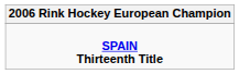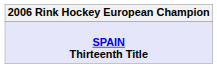 <table class="wikitable" style="text-align: center; margin: 0 auto;">
 <tr>
 <th>2006 Rink Hockey European Champion</th>
 </tr>
 <tr>
 </tr>
 <tr>
-<td><br><strong><a href='#'>SPAIN</a></strong><br><strong>Thirteenth Title</strong></td>
+<td style="background: lavender;"><br><strong><a href='#'>SPAIN</a></strong><br><strong>Thirteenth Title</strong></td>
 </tr>
 </table>
